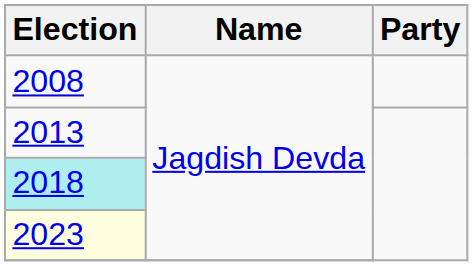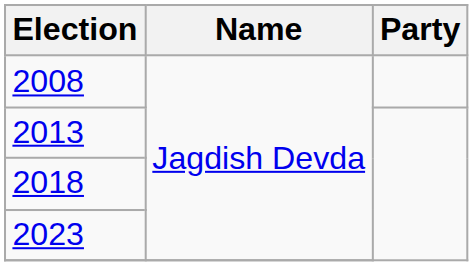 <table class="wikitable sortable">
 <tr>
 <th>Election</th>
 <th>Name</th>
 <th colspan=2>Party</th>
 </tr>
 <tr>
 <td><a href='#'>2008</a></td>
 <td rowspan=4><a href='#'>Jagdish Devda</a></td>
 <td></td>
 </tr>
 <tr>
 <td><a href='#'>2013</a></td>
 </tr>
 <tr>
-<td style="background: paleturquoise;"><a href='#'>2018</a></td>
+<td><a href='#'>2018</a></td>
 </tr>
 <tr>
-<td style="background: lightyellow;"><a href='#'>2023</a></td>
+<td><a href='#'>2023</a></td>
 </tr>
 <tr>
 </tr>
 </table>
